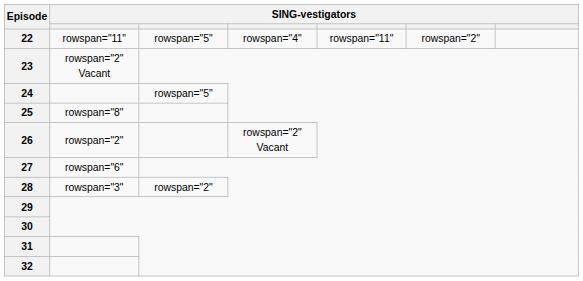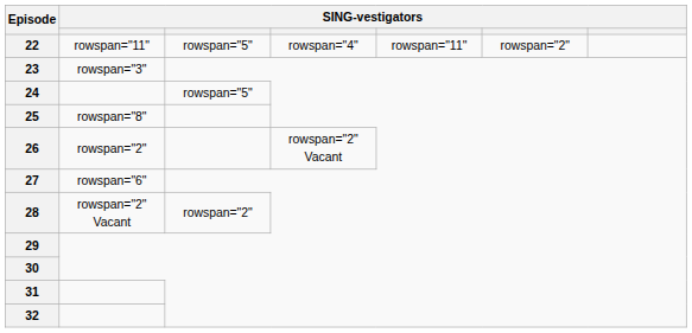 <table class="wikitable plainrowheaders mw-collapsible" style="text-align:center; line-height:23px; width:100%;">
 <tr>
 <th rowspan="2" width="1%">Episode</th>
 <th colspan="6">SING-vestigators</th>
 </tr>
 <tr>
 <th width="16%"></th>
 <th width="16%"></th>
 <th width="16%"></th>
 <th width="16%"></th>
 <th width="16%"></th>
 <th width="16%"></th>
 </tr>
 <tr>
 <th>22</th>
 <td>rowspan="11" </td>
 <td>rowspan="5" </td>
 <td>rowspan="4" </td>
 <td>rowspan="11" </td>
 <td>rowspan="2" </td>
 <td></td>
 </tr>
 <tr>
 <th>23</th>
-<td>rowspan="2" Vacant</td>
+<td>rowspan="3" </td>
 </tr>
 <tr>
 <th>24</th>
 <td></td>
 <td>rowspan="5" </td>
 </tr>
 <tr>
 <th>25</th>
 <td>rowspan="8" </td>
 <td></td>
 </tr>
 <tr>
 <th>26</th>
 <td>rowspan="2" </td>
 <td></td>
 <td>rowspan="2"  Vacant</td>
 </tr>
 <tr>
 <th>27</th>
 <td>rowspan="6" </td>
 </tr>
 <tr>
 <th>28</th>
-<td>rowspan="3" </td>
+<td>rowspan="2" Vacant</td>
 <td>rowspan="2" </td>
 </tr>
 <tr>
 <th>29</th>
 </tr>
 <tr>
 <th>30</th>
 </tr>
 <tr>
 <th>31</th>
 <td></td>
 </tr>
 <tr>
 <th>32</th>
 <td></td>
 </tr>
 </table>
